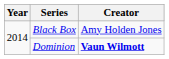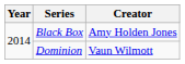 <table class="wikitable">
 <tr style="background:#ccc; text-align:center;">
 <th>Year</th>
 <th>Series</th>
 <th>Creator</th>
 </tr>
 <tr>
 <td rowspan="2">2014</td>
 <td><em><a href='#'>Black Box</a></em></td>
 <td><a href='#'>Amy Holden Jones</a></td>
 </tr>
 <tr>
 <td><em><a href='#'>Dominion</a></em></td>
-<td><strong><a href='#'>Vaun Wilmott</a></strong></td>
+<td><a href='#'>Vaun Wilmott</a></td>
 </tr>
 </table>
